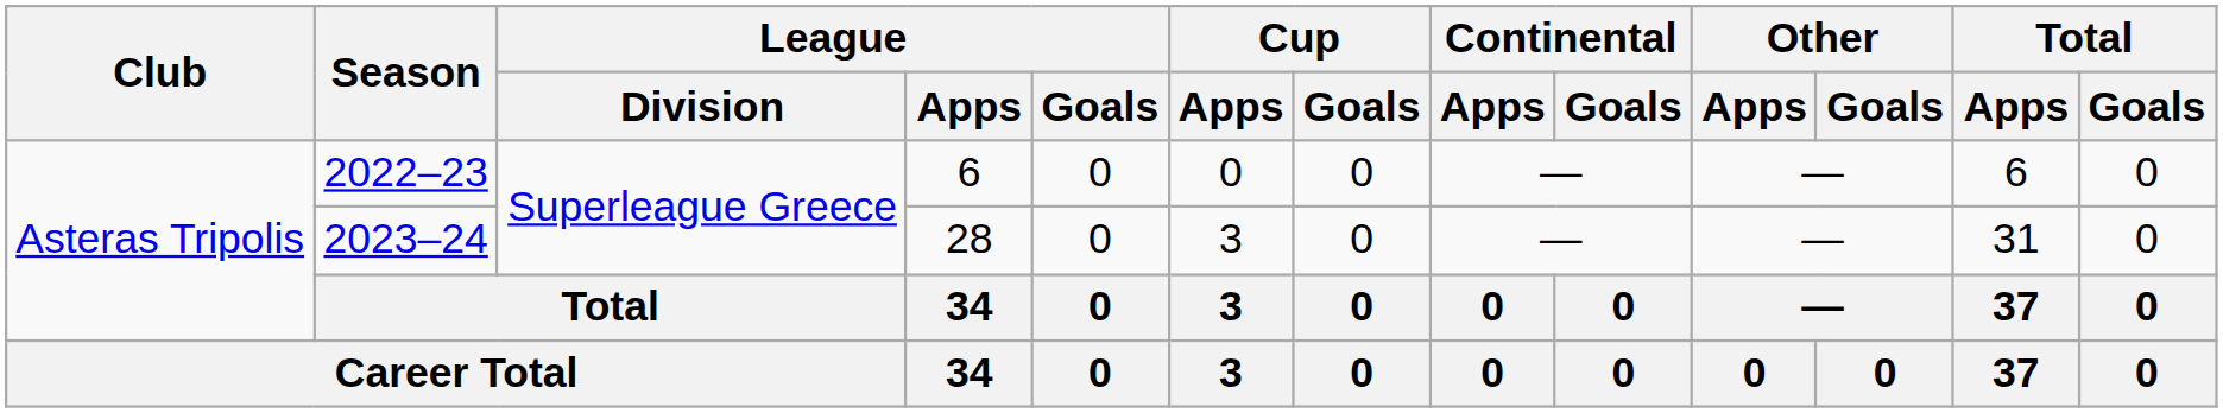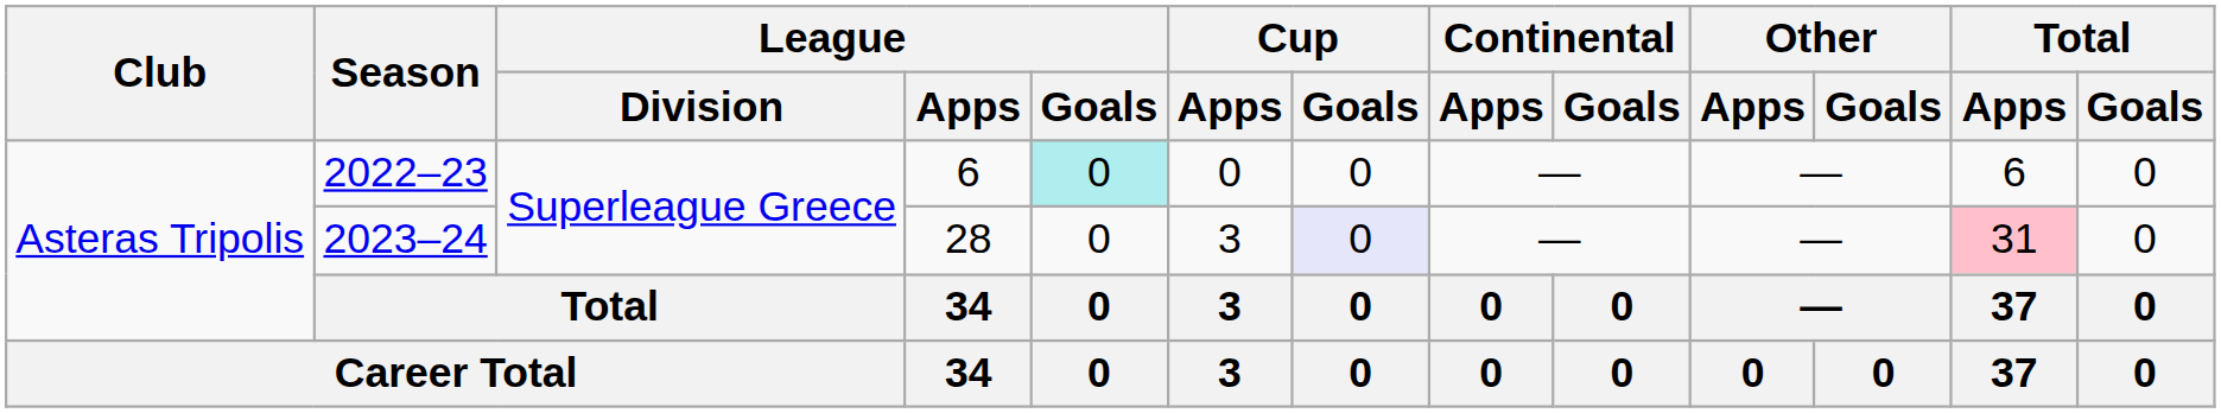 <table class=wikitable style="text-align: center;">
 <tr>
 <th rowspan=2>Club</th>
 <th rowspan=2>Season</th>
 <th colspan=3>League</th>
 <th colspan=2>Cup</th>
 <th colspan=2>Continental</th>
 <th colspan=2>Other</th>
 <th colspan=2>Total</th>
 </tr>
 <tr>
 <th>Division</th>
 <th>Apps</th>
 <th>Goals</th>
 <th>Apps</th>
 <th>Goals</th>
 <th>Apps</th>
 <th>Goals</th>
 <th>Apps</th>
 <th>Goals</th>
 <th>Apps</th>
 <th>Goals</th>
 </tr>
 <tr>
 <td rowspan="3"><a href='#'>Asteras Tripolis</a></td>
 <td><a href='#'>2022–23</a></td>
 <td rowspan="2"><a href='#'>Superleague Greece</a></td>
 <td>6</td>
-<td>0</td>
+<td style="background: paleturquoise;">0</td>
 <td>0</td>
 <td>0</td>
 <td colspan="2">—</td>
 <td colspan="2">—</td>
 <td>6</td>
 <td>0</td>
 </tr>
 <tr>
 <td><a href='#'>2023–24</a></td>
 <td>28</td>
 <td>0</td>
 <td>3</td>
-<td>0</td>
+<td style="background: lavender;">0</td>
 <td colspan="2">—</td>
 <td colspan="2">—</td>
-<td>31</td>
+<td style="background: pink;">31</td>
 <td>0</td>
 </tr>
 <tr>
 <th colspan="2">Total</th>
 <th>34</th>
 <th>0</th>
 <th>3</th>
 <th>0</th>
 <th>0</th>
 <th>0</th>
 <th colspan=2>—</th>
 <th>37</th>
 <th>0</th>
 </tr>
 <tr>
 <th colspan=3>Career Total</th>
 <th>34</th>
 <th>0</th>
 <th>3</th>
 <th>0</th>
 <th>0</th>
 <th>0</th>
 <th>0</th>
 <th>0</th>
 <th>37</th>
 <th>0</th>
 </tr>
 </table>
